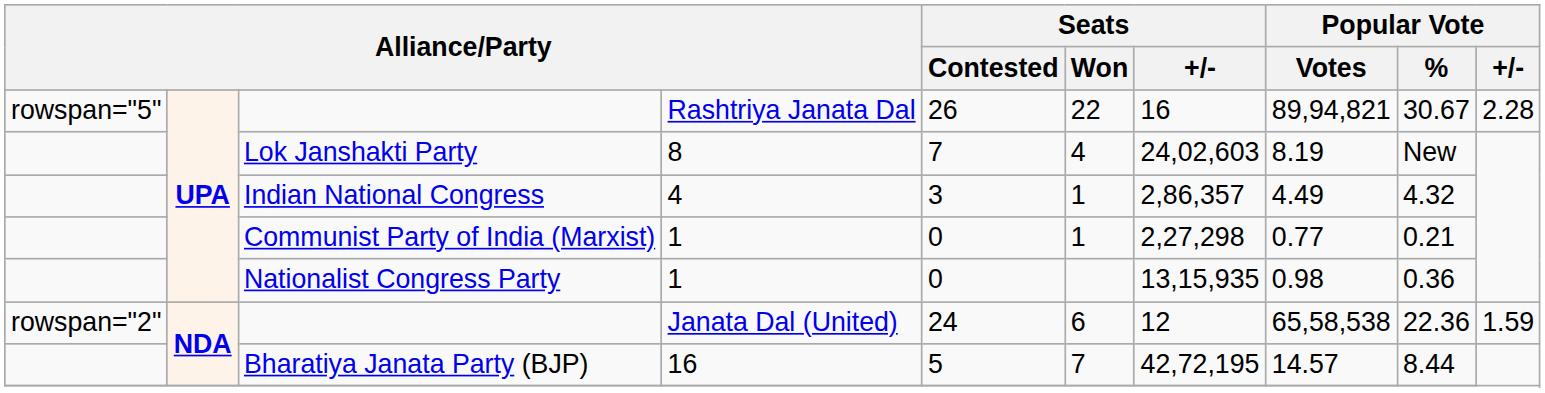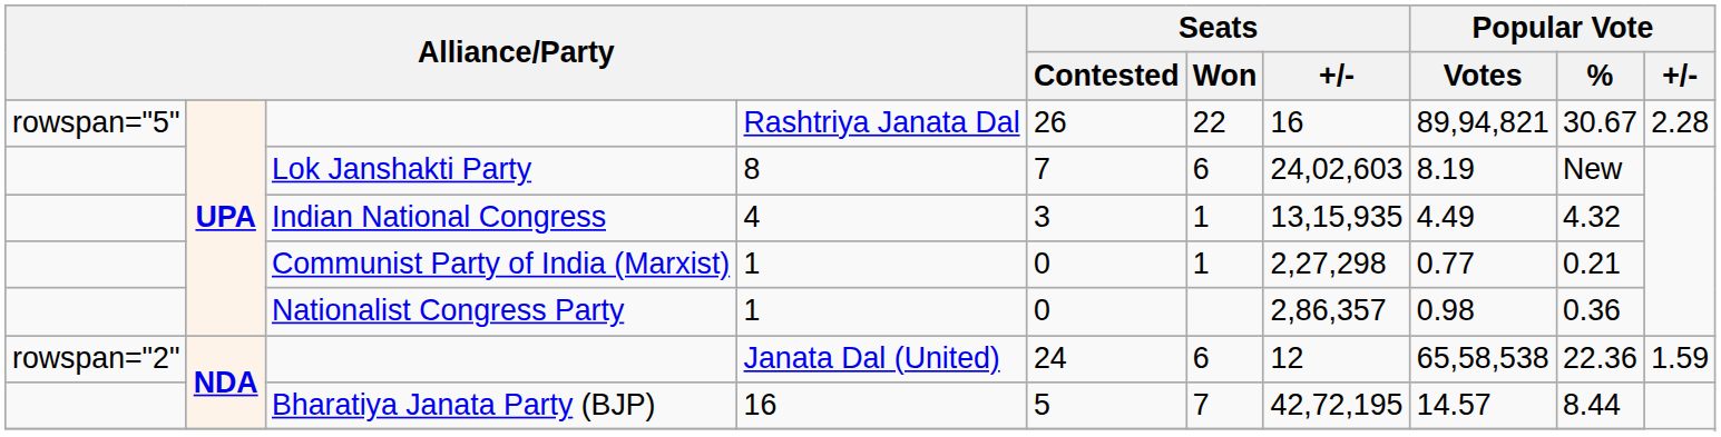 <table class=wikitable>
 <tr>
 <th colspan="4" rowspan="2">Alliance/Party</th>
 <th colspan="3">Seats</th>
 <th colspan="3">Popular Vote</th>
 </tr>
 <tr>
 <th>Contested</th>
 <th>Won</th>
 <th>+/-</th>
 <th>Votes</th>
 <th>%</th>
 <th>+/-</th>
 </tr>
 <tr>
 <td>rowspan="5"  </td>
 <th rowspan="5" style="background:#FEF3E8"><a href='#'>UPA</a></th>
 <td></td>
 <td><a href='#'>Rashtriya Janata Dal</a></td>
 <td>26</td>
 <td>22</td>
 <td>16</td>
 <td>89,94,821</td>
 <td>30.67</td>
 <td>2.28</td>
 </tr>
 <tr>
 <td></td>
 <td><a href='#'>Lok Janshakti Party</a></td>
 <td>8</td>
 <td>7</td>
-<td>4</td>
+<td>6</td>
 <td>24,02,603</td>
 <td>8.19</td>
 <td>New</td>
 </tr>
 <tr>
 <td></td>
 <td><a href='#'>Indian National Congress</a></td>
 <td>4</td>
 <td>3</td>
 <td>1</td>
-<td>2,86,357</td>
+<td>13,15,935</td>
 <td>4.49</td>
 <td>4.32</td>
 </tr>
 <tr>
 <td></td>
 <td><a href='#'>Communist Party of India (Marxist)</a></td>
 <td>1</td>
 <td>0</td>
 <td>1</td>
 <td>2,27,298</td>
 <td>0.77</td>
 <td>0.21</td>
 </tr>
 <tr>
 <td></td>
 <td><a href='#'>Nationalist Congress Party</a></td>
 <td>1</td>
 <td>0</td>
 <td></td>
-<td>13,15,935</td>
+<td>2,86,357</td>
 <td>0.98</td>
 <td>0.36</td>
 </tr>
 <tr>
 <td>rowspan="2" </td>
 <th rowspan="2" style="background:#FEF3E8"><a href='#'>NDA</a></th>
 <td></td>
 <td><a href='#'>Janata Dal (United)</a></td>
 <td>24</td>
 <td>6</td>
 <td>12</td>
 <td>65,58,538</td>
 <td>22.36</td>
 <td>1.59</td>
 </tr>
 <tr>
 <td></td>
 <td><a href='#'>Bharatiya Janata Party</a> (BJP)</td>
 <td>16</td>
 <td>5</td>
 <td>7</td>
 <td>42,72,195</td>
 <td>14.57</td>
 <td>8.44</td>
 </tr>
 <tr>
 </tr>
 </table>
